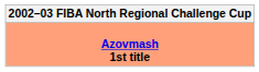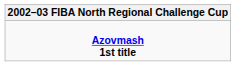 <table class=wikitable style="text-align:center; margin:auto">
 <tr>
 <th>2002–03 FIBA North Regional Challenge Cup</th>
 </tr>
 <tr>
-<td style="background: lightsalmon;"> <br> <strong><a href='#'>Azovmash</a> </strong> <br> <strong>1st title</strong></td>
+<td> <br> <strong><a href='#'>Azovmash</a> </strong> <br> <strong>1st title</strong></td>
 </tr>
 </table>
